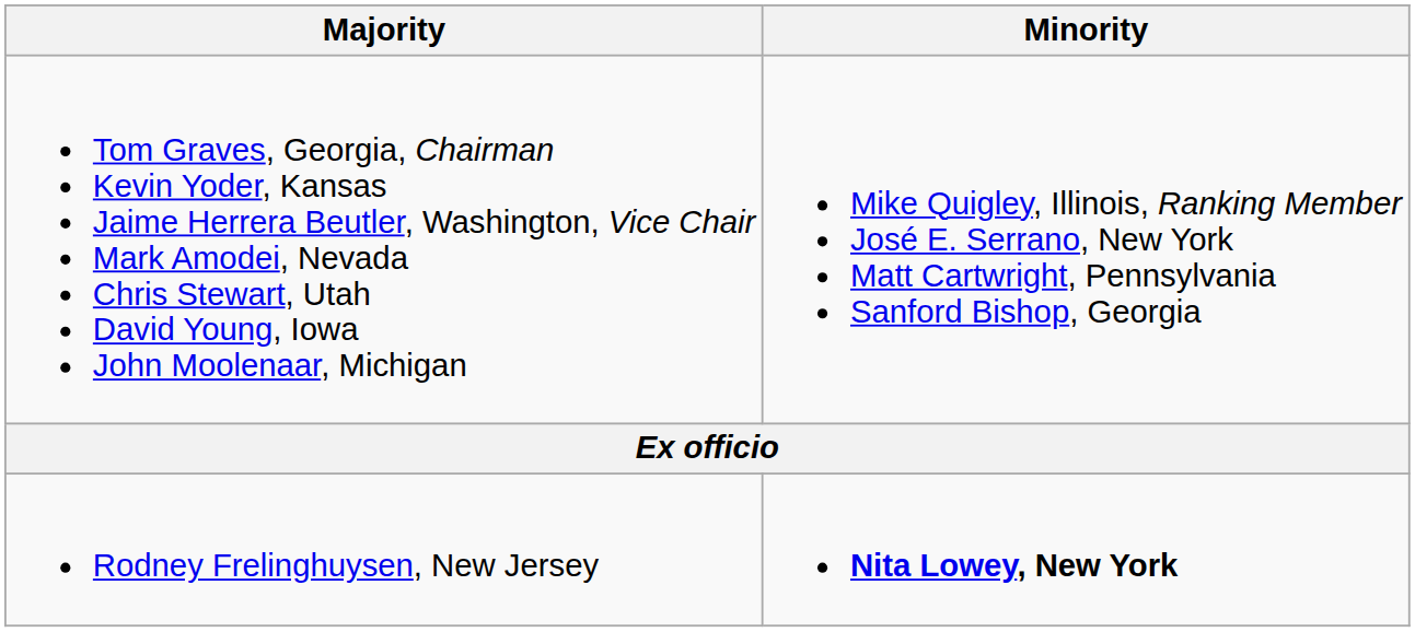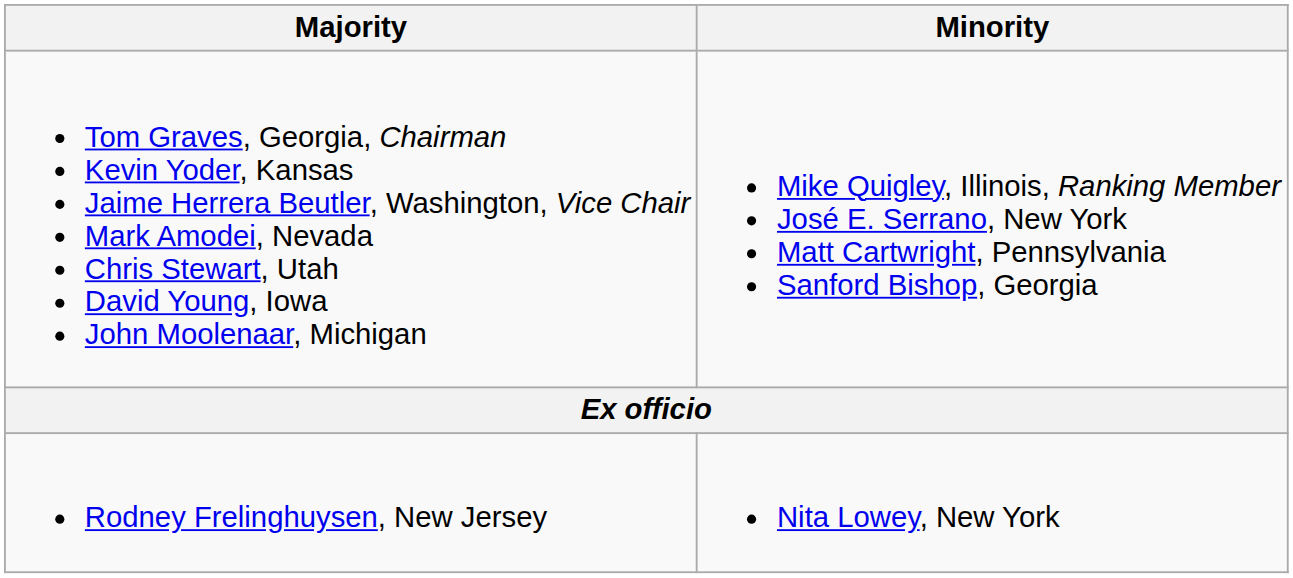 <table class=wikitable>
 <tr>
 <th>Majority</th>
 <th>Minority</th>
 </tr>
 <tr>
 <td><br><ul><li><a href='#'>Tom Graves</a>, Georgia, <em>Chairman</em></li><li><a href='#'>Kevin Yoder</a>, Kansas</li><li><a href='#'>Jaime Herrera Beutler</a>, Washington, <em>Vice Chair</em></li><li><a href='#'>Mark Amodei</a>, Nevada</li><li><a href='#'>Chris Stewart</a>, Utah</li><li><a href='#'>David Young</a>, Iowa</li><li><a href='#'>John Moolenaar</a>, Michigan</li></ul></td>
 <td><br><ul><li><a href='#'>Mike Quigley</a>, Illinois, <em>Ranking Member</em></li><li><a href='#'>José E. Serrano</a>, New York</li><li><a href='#'>Matt Cartwright</a>, Pennsylvania</li><li><a href='#'>Sanford Bishop</a>, Georgia</li></ul></td>
 </tr>
 <tr>
 <th colspan=2><em>Ex officio</em></th>
 </tr>
 <tr>
 <td><br><ul><li><a href='#'>Rodney Frelinghuysen</a>, New Jersey</li></ul></td>
-<td><strong><br><ul><li><a href='#'>Nita Lowey</a>, New York</li></ul></strong></td>
+<td><br><ul><li><a href='#'>Nita Lowey</a>, New York</li></ul></td>
 </tr>
 </table>
